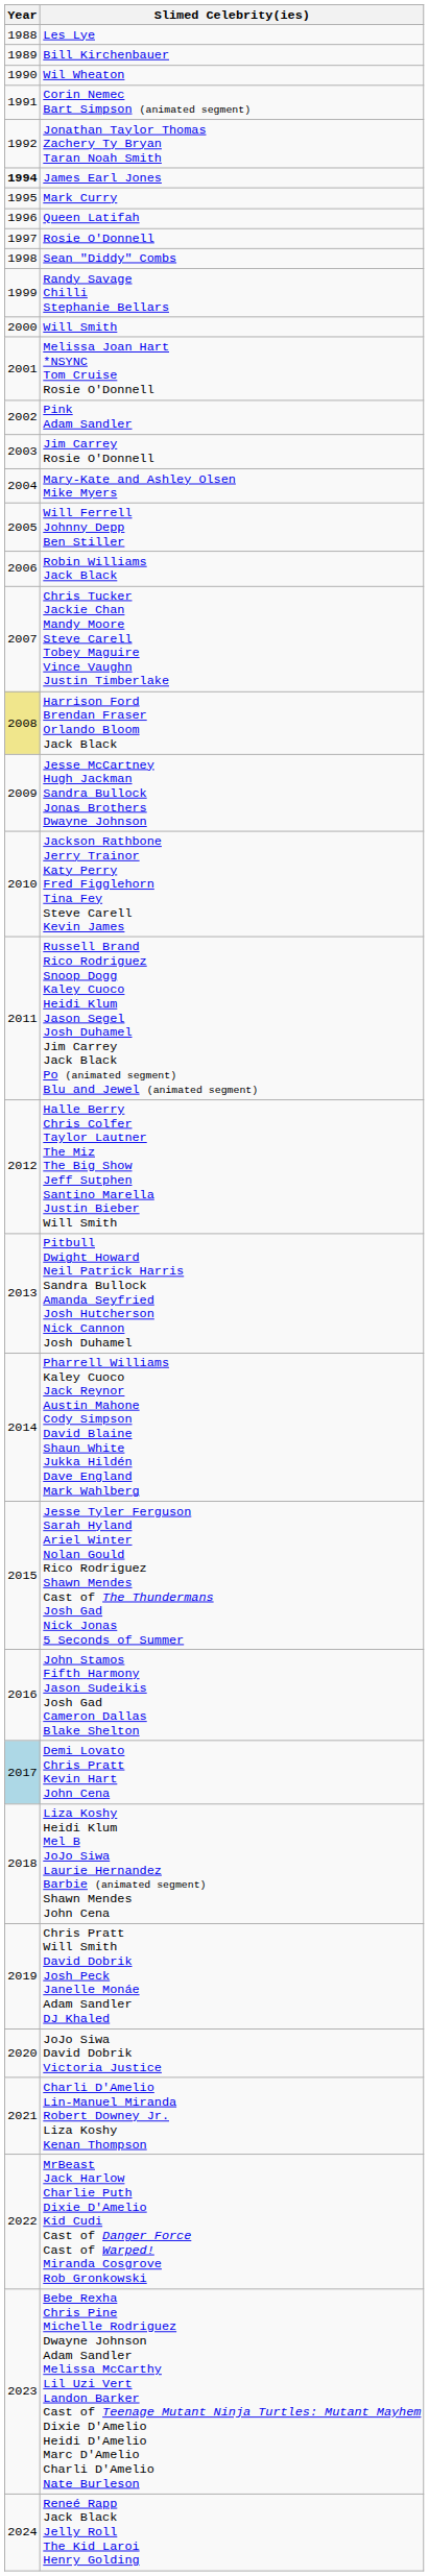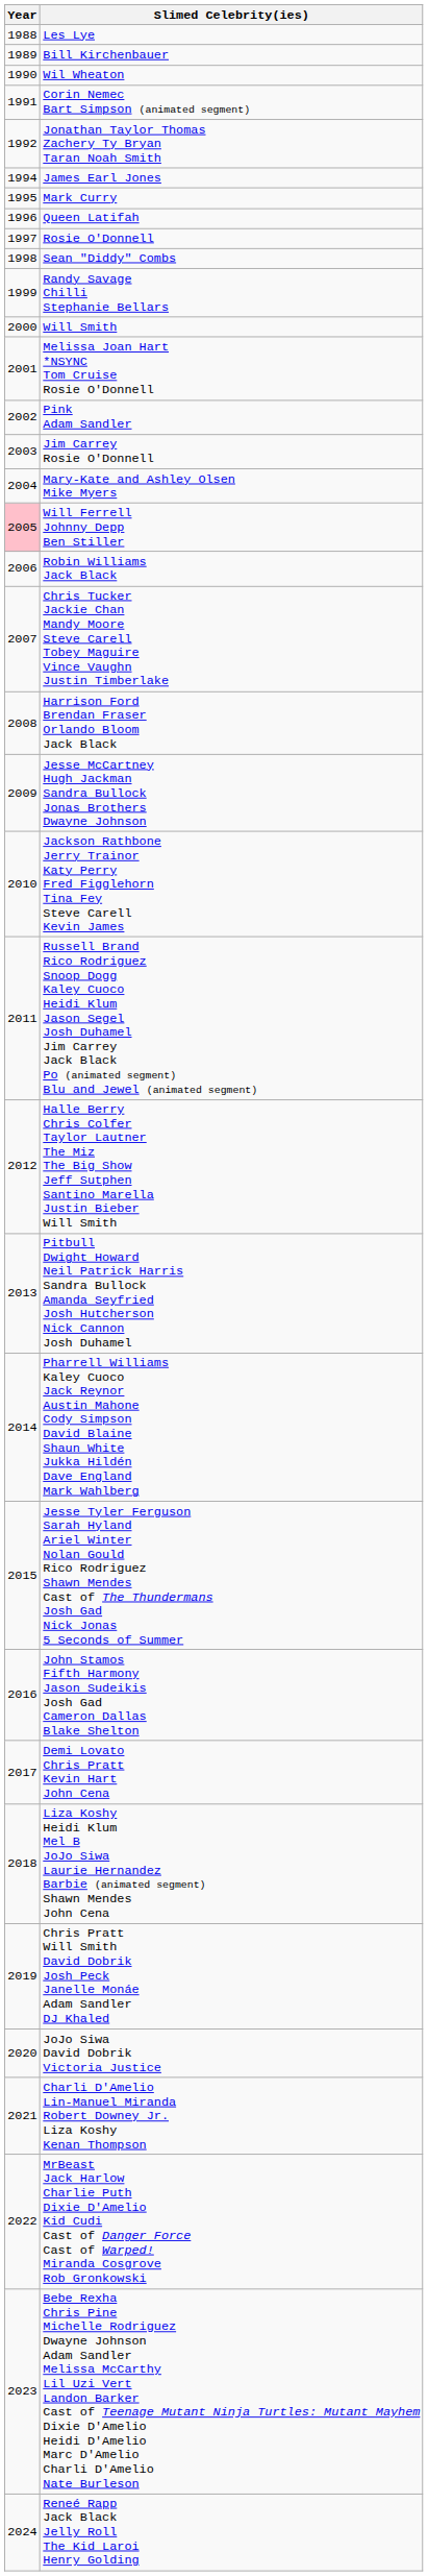 <table class="wikitable">
 <tr>
 <th>Year</th>
 <th>Slimed Celebrity(ies)</th>
 </tr>
 <tr>
 <td>1988</td>
 <td><a href='#'>Les Lye</a></td>
 </tr>
 <tr>
 <td>1989</td>
 <td><a href='#'>Bill Kirchenbauer</a></td>
 </tr>
 <tr>
 <td>1990</td>
 <td><a href='#'>Wil Wheaton</a></td>
 </tr>
 <tr>
 <td>1991</td>
 <td><a href='#'>Corin Nemec</a><br><a href='#'>Bart Simpson</a> <small>(animated segment)</small></td>
 </tr>
 <tr>
 <td>1992</td>
 <td><a href='#'>Jonathan Taylor Thomas</a><br><a href='#'>Zachery Ty Bryan</a><br><a href='#'>Taran Noah Smith</a></td>
 </tr>
 <tr>
-<td><strong>1994</strong></td>
+<td>1994</td>
 <td><a href='#'>James Earl Jones</a></td>
 </tr>
 <tr>
 <td>1995</td>
 <td><a href='#'>Mark Curry</a></td>
 </tr>
 <tr>
 <td>1996</td>
 <td><a href='#'>Queen Latifah</a></td>
 </tr>
 <tr>
 <td>1997</td>
 <td><a href='#'>Rosie O'Donnell</a></td>
 </tr>
 <tr>
 <td>1998</td>
 <td><a href='#'>Sean "Diddy" Combs</a></td>
 </tr>
 <tr>
 <td>1999</td>
 <td><a href='#'>Randy Savage</a><br><a href='#'>Chilli</a><br><a href='#'>Stephanie Bellars</a></td>
 </tr>
 <tr>
 <td>2000</td>
 <td><a href='#'>Will Smith</a></td>
 </tr>
 <tr>
 <td>2001</td>
 <td><a href='#'>Melissa Joan Hart</a><br><a href='#'>*NSYNC</a><br><a href='#'>Tom Cruise</a><br>Rosie O'Donnell</td>
 </tr>
 <tr>
 <td>2002</td>
 <td><a href='#'>Pink</a><br><a href='#'>Adam Sandler</a></td>
 </tr>
 <tr>
 <td>2003</td>
 <td><a href='#'>Jim Carrey</a><br>Rosie O'Donnell</td>
 </tr>
 <tr>
 <td>2004</td>
 <td><a href='#'>Mary-Kate and Ashley Olsen</a><br><a href='#'>Mike Myers</a></td>
 </tr>
 <tr>
-<td>2005</td>
+<td style="background: pink;">2005</td>
 <td><a href='#'>Will Ferrell</a><br><a href='#'>Johnny Depp</a><br><a href='#'>Ben Stiller</a></td>
 </tr>
 <tr>
 <td>2006</td>
 <td><a href='#'>Robin Williams</a><br><a href='#'>Jack Black</a></td>
 </tr>
 <tr>
 <td>2007</td>
 <td><a href='#'>Chris Tucker</a><br><a href='#'>Jackie Chan</a><br><a href='#'>Mandy Moore</a><br><a href='#'>Steve Carell</a><br><a href='#'>Tobey Maguire</a><br><a href='#'>Vince Vaughn</a><br><a href='#'>Justin Timberlake</a></td>
 </tr>
 <tr>
-<td style="background: khaki;">2008</td>
+<td>2008</td>
 <td><a href='#'>Harrison Ford</a><br><a href='#'>Brendan Fraser</a><br><a href='#'>Orlando Bloom</a><br>Jack Black</td>
 </tr>
 <tr>
 <td>2009</td>
 <td><a href='#'>Jesse McCartney</a><br><a href='#'>Hugh Jackman</a><br><a href='#'>Sandra Bullock</a><br><a href='#'>Jonas Brothers</a><br><a href='#'>Dwayne Johnson</a></td>
 </tr>
 <tr>
 <td>2010</td>
 <td><a href='#'>Jackson Rathbone</a><br><a href='#'>Jerry Trainor</a><br><a href='#'>Katy Perry</a><br><a href='#'>Fred Figglehorn</a><br><a href='#'>Tina Fey</a><br>Steve Carell<br><a href='#'>Kevin James</a></td>
 </tr>
 <tr>
 <td>2011</td>
 <td><a href='#'>Russell Brand</a><br><a href='#'>Rico Rodriguez</a><br><a href='#'>Snoop Dogg</a><br><a href='#'>Kaley Cuoco</a><br><a href='#'>Heidi Klum</a><br><a href='#'>Jason Segel</a><br><a href='#'>Josh Duhamel</a><br>Jim Carrey<br>Jack Black<br><a href='#'>Po</a> <small>(animated segment)</small><br><a href='#'>Blu and Jewel</a> <small>(animated segment)</small></td>
 </tr>
 <tr>
 <td>2012</td>
 <td><a href='#'>Halle Berry</a><br><a href='#'>Chris Colfer</a><br><a href='#'>Taylor Lautner</a><br><a href='#'>The Miz</a><br><a href='#'>The Big Show</a><br><a href='#'>Jeff Sutphen</a><br><a href='#'>Santino Marella</a><br><a href='#'>Justin Bieber</a><br>Will Smith</td>
 </tr>
 <tr>
 <td>2013</td>
 <td><a href='#'>Pitbull</a><br><a href='#'>Dwight Howard</a><br><a href='#'>Neil Patrick Harris</a><br>Sandra Bullock<br><a href='#'>Amanda Seyfried</a><br><a href='#'>Josh Hutcherson</a><br><a href='#'>Nick Cannon</a><br>Josh Duhamel</td>
 </tr>
 <tr>
 <td>2014</td>
 <td><a href='#'>Pharrell Williams</a><br>Kaley Cuoco<br><a href='#'>Jack Reynor</a><br><a href='#'>Austin Mahone</a><br><a href='#'>Cody Simpson</a><br><a href='#'>David Blaine</a><br><a href='#'>Shaun White</a><br><a href='#'>Jukka Hildén</a><br><a href='#'>Dave England</a><br><a href='#'>Mark Wahlberg</a></td>
 </tr>
 <tr>
 <td>2015</td>
 <td><a href='#'>Jesse Tyler Ferguson</a><br><a href='#'>Sarah Hyland</a><br><a href='#'>Ariel Winter</a><br><a href='#'>Nolan Gould</a><br>Rico Rodriguez<br><a href='#'>Shawn Mendes</a><br>Cast of <em><a href='#'>The Thundermans</a></em><br><a href='#'>Josh Gad</a><br><a href='#'>Nick Jonas</a><br><a href='#'>5 Seconds of Summer</a></td>
 </tr>
 <tr>
 <td>2016</td>
 <td><a href='#'>John Stamos</a><br><a href='#'>Fifth Harmony</a><br><a href='#'>Jason Sudeikis</a><br>Josh Gad<br><a href='#'>Cameron Dallas</a><br><a href='#'>Blake Shelton</a></td>
 </tr>
 <tr>
-<td style="background: lightblue;">2017</td>
+<td>2017</td>
 <td><a href='#'>Demi Lovato</a><br><a href='#'>Chris Pratt</a><br><a href='#'>Kevin Hart</a><br><a href='#'>John Cena</a></td>
 </tr>
 <tr>
 <td>2018</td>
 <td><a href='#'>Liza Koshy</a><br>Heidi Klum<br><a href='#'>Mel B</a><br><a href='#'>JoJo Siwa</a><br><a href='#'>Laurie Hernandez</a><br><a href='#'>Barbie</a> <small>(animated segment)</small><br>Shawn Mendes<br>John Cena</td>
 </tr>
 <tr>
 <td>2019</td>
 <td>Chris Pratt<br>Will Smith<br><a href='#'>David Dobrik</a><br><a href='#'>Josh Peck</a><br><a href='#'>Janelle Monáe</a><br>Adam Sandler<br><a href='#'>DJ Khaled</a></td>
 </tr>
 <tr>
 <td>2020</td>
 <td>JoJo Siwa<br>David Dobrik<br><a href='#'>Victoria Justice</a></td>
 </tr>
 <tr>
 <td>2021</td>
 <td><a href='#'>Charli D'Amelio</a><br><a href='#'>Lin-Manuel Miranda</a><br><a href='#'>Robert Downey Jr.</a><br>Liza Koshy<br><a href='#'>Kenan Thompson</a></td>
 </tr>
 <tr>
 <td>2022</td>
 <td><a href='#'>MrBeast</a><br><a href='#'>Jack Harlow</a><br><a href='#'>Charlie Puth</a><br><a href='#'>Dixie D'Amelio</a><br><a href='#'>Kid Cudi</a><br>Cast of <em><a href='#'>Danger Force</a></em><br>Cast of <em><a href='#'>Warped!</a></em><br><a href='#'>Miranda Cosgrove</a><br><a href='#'>Rob Gronkowski</a></td>
 </tr>
 <tr>
 <td>2023</td>
 <td><a href='#'>Bebe Rexha</a><br><a href='#'>Chris Pine</a><br><a href='#'>Michelle Rodriguez</a><br>Dwayne Johnson<br>Adam Sandler<br><a href='#'>Melissa McCarthy</a><br><a href='#'>Lil Uzi Vert</a><br><a href='#'>Landon Barker</a><br>Cast of <em><a href='#'>Teenage Mutant Ninja Turtles: Mutant Mayhem</a></em><br>Dixie D'Amelio<br>Heidi D'Amelio<br>Marc D'Amelio<br>Charli D'Amelio<br><a href='#'>Nate Burleson</a></td>
 </tr>
 <tr>
 <td>2024</td>
 <td><a href='#'>Reneé Rapp</a><br>Jack Black<br><a href='#'>Jelly Roll</a><br><a href='#'>The Kid Laroi</a><br><a href='#'>Henry Golding</a></td>
 </tr>
 </table>
